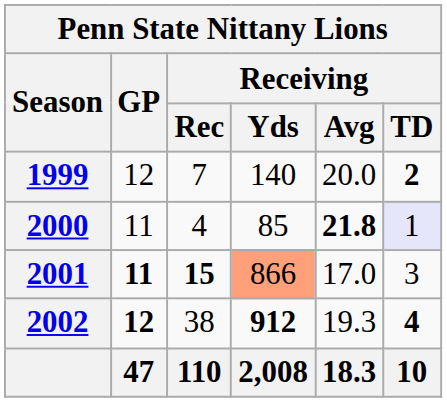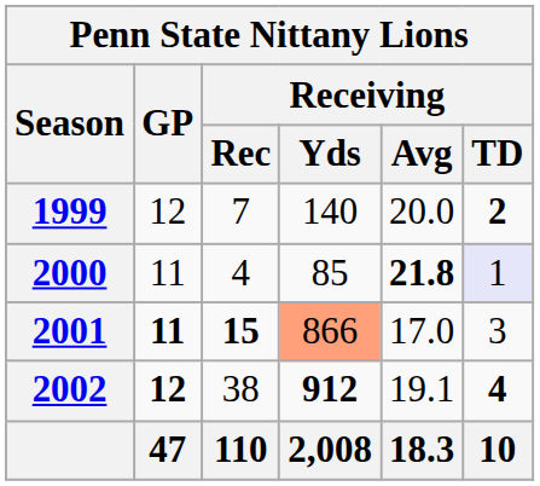 <table class="wikitable" style="text-align:center;">
 <tr>
 <th colspan=19>Penn State Nittany Lions</th>
 </tr>
 <tr>
 <th rowspan="2">Season</th>
 <th rowspan="2">GP</th>
 <th colspan="4">Receiving</th>
 </tr>
 <tr>
 <th>Rec</th>
 <th>Yds</th>
 <th>Avg</th>
 <th>TD</th>
 </tr>
 <tr>
 <th><a href='#'>1999</a></th>
 <td>12</td>
 <td>7</td>
 <td>140</td>
 <td>20.0</td>
 <td><strong>2</strong></td>
 </tr>
 <tr>
 <th><a href='#'>2000</a></th>
 <td>11</td>
 <td>4</td>
 <td>85</td>
 <td><strong>21.8</strong></td>
 <td style="background: lavender;">1</td>
 </tr>
 <tr>
 <th><a href='#'>2001</a></th>
 <td><strong>11</strong></td>
 <td><strong>15</strong></td>
 <td style="background: lightsalmon;">866</td>
 <td>17.0</td>
 <td>3</td>
 </tr>
 <tr>
 <th><a href='#'>2002</a></th>
 <td><strong>12</strong></td>
 <td>38</td>
 <td><strong>912</strong></td>
-<td>19.3</td>
+<td>19.1</td>
 <td><strong>4</strong></td>
 </tr>
 <tr>
 <th></th>
 <th>47</th>
 <th>110</th>
 <th>2,008</th>
 <th>18.3</th>
 <th>10</th>
 </tr>
 </table>
